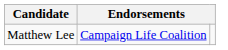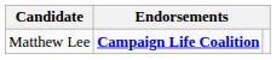 <table class="wikitable">
 <tr>
 <th colspan="1" align="center">Candidate</th>
 <th colspan="2" align="center">Endorsements</th>
 </tr>
 <tr>
 <td style="text-align:left;">Matthew Lee</td>
-<td><a href='#'>Campaign Life Coalition</a></td>
+<td><strong><a href='#'>Campaign Life Coalition</a></strong></td>
 <td></td>
 </tr>
 </table>
